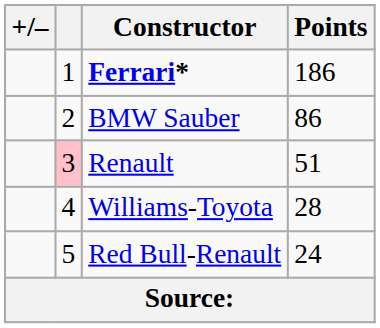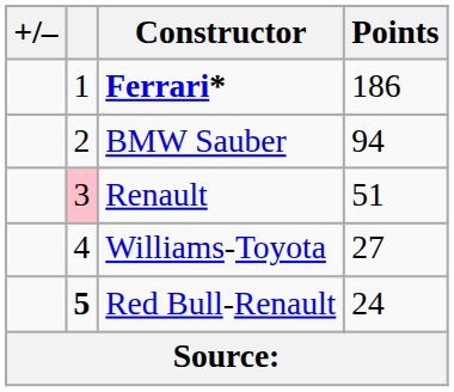 <table class="wikitable" style="font-size: 85%;">
 <tr>
 <th>+/–</th>
 <th></th>
 <th>Constructor</th>
 <th>Points</th>
 </tr>
 <tr>
 <td></td>
 <td align="center">1</td>
 <td> <strong><a href='#'>Ferrari</a>*</strong></td>
 <td>186</td>
 </tr>
 <tr>
 <td></td>
 <td align="center">2</td>
 <td> <a href='#'>BMW Sauber</a></td>
-<td>86</td>
+<td>94</td>
 </tr>
 <tr>
 <td></td>
 <td align="center" style="background: pink;">3</td>
 <td> <a href='#'>Renault</a></td>
 <td>51</td>
 </tr>
 <tr>
 <td></td>
 <td align="center">4</td>
 <td> <a href='#'>Williams</a>-<a href='#'>Toyota</a></td>
-<td>28</td>
+<td>27</td>
 </tr>
 <tr>
 <td></td>
-<td align="center">5</td>
+<td align="center"><strong>5</strong></td>
 <td> <a href='#'>Red Bull</a>-<a href='#'>Renault</a></td>
 <td>24</td>
 </tr>
 <tr>
 <th colspan=4>Source:</th>
 </tr>
 </table>
